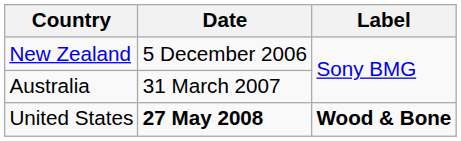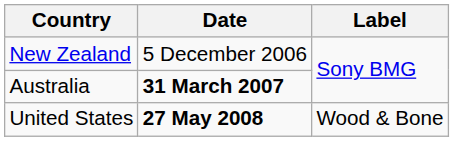 <table class="wikitable">
 <tr>
 <th>Country</th>
 <th>Date</th>
 <th>Label</th>
 </tr>
 <tr>
 <td><a href='#'>New Zealand</a></td>
 <td>5 December 2006</td>
 <td rowspan="2"><a href='#'>Sony BMG</a></td>
 </tr>
 <tr>
 <td>Australia</td>
-<td>31 March 2007</td>
+<td><strong>31 March 2007</strong></td>
 </tr>
 <tr>
 <td>United States</td>
 <td><strong>27 May 2008</strong></td>
-<td><strong>Wood & Bone</strong></td>
+<td>Wood & Bone</td>
 </tr>
 </table>
